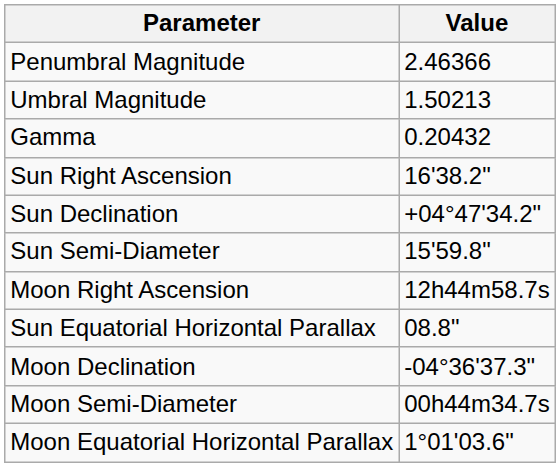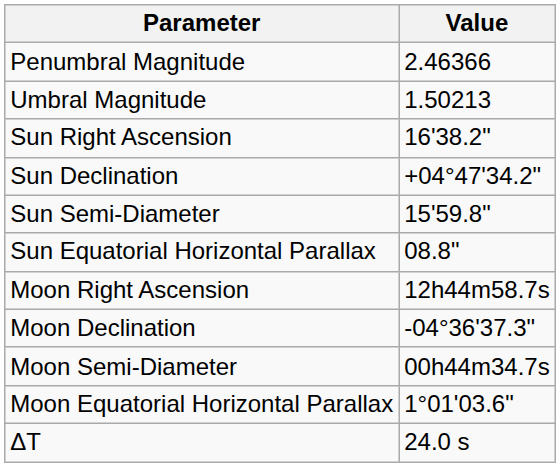 <table class="wikitable">
 <tr>
 <th>Parameter</th>
 <th>Value</th>
 </tr>
 <tr>
 <td>Penumbral Magnitude</td>
 <td>2.46366</td>
 </tr>
 <tr>
 <td>Umbral Magnitude</td>
 <td>1.50213</td>
 </tr>
 <tr>
-<td>Gamma</td>
-<td>0.20432</td>
-</tr>
-<tr>
 <td>Sun Right Ascension</td>
 <td>16'38.2"</td>
 </tr>
 <tr>
 <td>Sun Declination</td>
 <td>+04°47'34.2"</td>
 </tr>
 <tr>
 <td>Sun Semi-Diameter</td>
 <td>15'59.8"</td>
 </tr>
 <tr>
+<td>Sun Equatorial Horizontal Parallax</td>
+<td>08.8"</td>
+</tr>
+<tr>
 <td>Moon Right Ascension</td>
 <td>12h44m58.7s</td>
-</tr>
-<tr>
-<td>Sun Equatorial Horizontal Parallax</td>
-<td>08.8"</td>
 </tr>
 <tr>
 <td>Moon Declination</td>
 <td>-04°36'37.3"</td>
 </tr>
 <tr>
 <td>Moon Semi-Diameter</td>
 <td>00h44m34.7s</td>
 </tr>
 <tr>
 <td>Moon Equatorial Horizontal Parallax</td>
 <td>1°01'03.6"</td>
 </tr>
+<tr>
+<td>ΔT</td>
+<td>24.0 s</td>
+</tr>
 </table>
